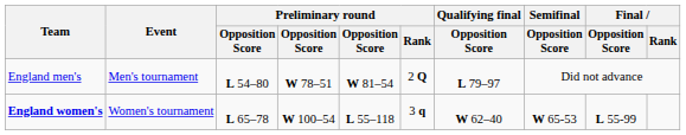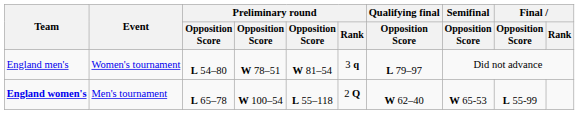 <table class=wikitable style=font-size:90%;text-align:center>
 <tr>
 <th rowspan=2>Team</th>
 <th rowspan=2>Event</th>
 <th colspan=4>Preliminary round</th>
 <th>Qualifying final</th>
 <th>Semifinal</th>
 <th colspan=2>Final / </th>
 </tr>
 <tr style=font-size:95%>
 <th>Opposition<br>Score</th>
 <th>Opposition<br>Score</th>
 <th>Opposition<br>Score</th>
 <th>Rank</th>
 <th>Opposition<br>Score</th>
 <th>Opposition<br>Score</th>
 <th>Opposition<br>Score</th>
 <th>Rank</th>
 </tr>
 <tr>
 <td align=left><a href='#'>England men's</a></td>
-<td align=left><a href='#'>Men's tournament</a></td>
+<td align=left><a href='#'>Women's tournament</a></td>
 <td><br> <strong>L</strong> 54–80</td>
 <td><br> <strong>W</strong> 78–51</td>
 <td><br><strong>W</strong> 81–54</td>
-<td>2 <strong>Q</strong></td>
+<td>3 <strong>q</strong></td>
 <td><br><strong>L</strong> 79–97</td>
 <td colspan=3>Did not advance</td>
 </tr>
 <tr>
 <td align=left><strong><a href='#'>England women's</a></strong></td>
-<td align=left><a href='#'>Women's tournament</a></td>
+<td align=left><a href='#'>Men's tournament</a></td>
 <td><br><strong>L</strong> 65–78</td>
 <td><br><strong>W</strong> 100–54</td>
 <td><br> <strong>L</strong> 55–118</td>
-<td>3 <strong>q</strong></td>
+<td>2 <strong>Q</strong></td>
 <td><br> <strong>W</strong> 62–40</td>
 <td><br> <strong>W</strong> 65-53</td>
 <td><br> <strong>L</strong> 55-99</td>
 <td></td>
 </tr>
 </table>
